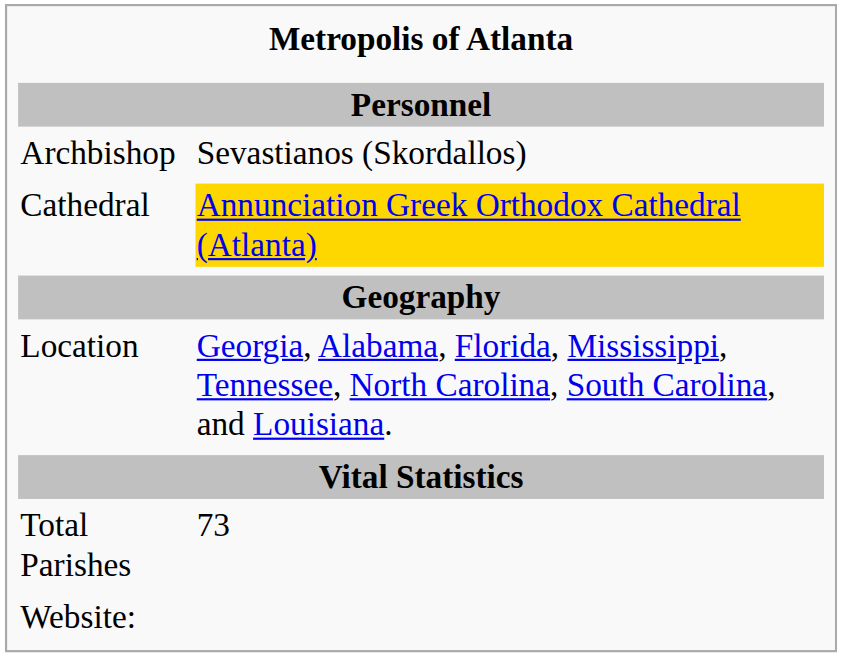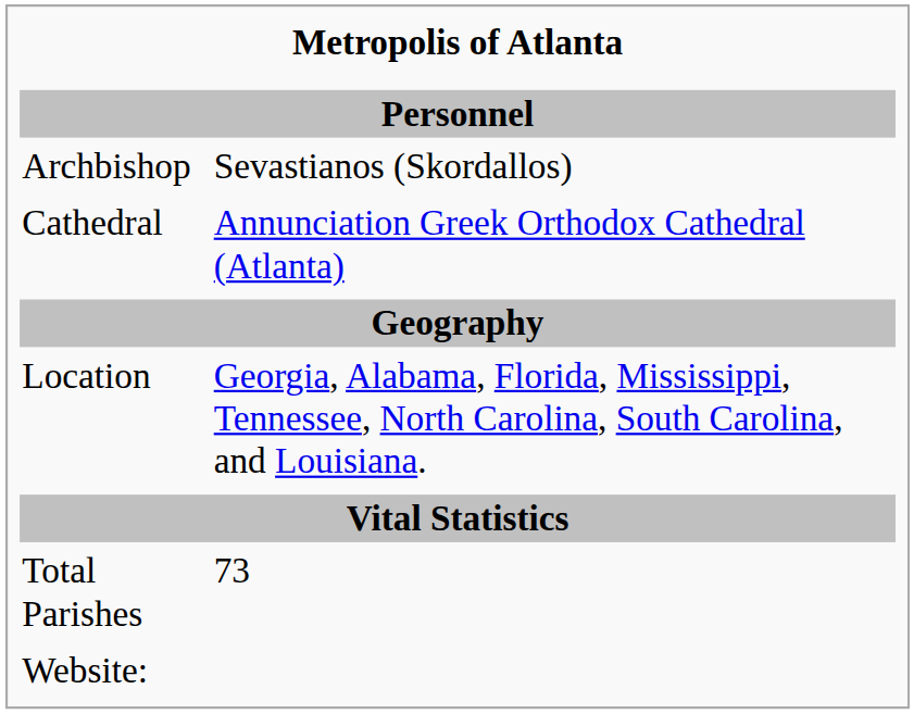 <table class ="infobox" style="width: 25em; text-align: left; font-size: 95%;">
 <tr align=center>
 <th colspan=2><strong>Metropolis of Atlanta</strong></th>
 </tr>
 <tr align=center>
 <th colspan=2></th>
 </tr>
 <tr>
 <th colspan=2></th>
 </tr>
 <tr ---- align=center bgcolor="c0c0c0">
 <th colspan=2><strong>Personnel</strong></th>
 </tr>
 <tr ---->
 <td>Archbishop</td>
 <td>Sevastianos (Skordallos)</td>
 </tr>
 <tr>
 </tr>
 <tr>
 <td>Cathedral</td>
-<td style="background: gold;"><a href='#'>Annunciation Greek Orthodox Cathedral (Atlanta)</a></td>
+<td><a href='#'>Annunciation Greek Orthodox Cathedral (Atlanta)</a></td>
 </tr>
 <tr>
 </tr>
 <tr ---- align=center bgcolor="c0c0c0">
 <th colspan=2><strong>Geography</strong></th>
 </tr>
 <tr>
 <td>Location</td>
 <td><a href='#'>Georgia</a>, <a href='#'>Alabama</a>, <a href='#'>Florida</a>, <a href='#'>Mississippi</a>, <a href='#'>Tennessee</a>, <a href='#'>North Carolina</a>, <a href='#'>South Carolina</a>, and <a href='#'>Louisiana</a>.</td>
 </tr>
 <tr>
 </tr>
 <tr ---- align=center bgcolor="c0c0c0">
 <th colspan=2><strong>Vital Statistics</strong></th>
 </tr>
 <tr>
 <td>Total Parishes</td>
 <td>73</td>
 </tr>
 <tr>
 </tr>
 <tr>
 <td>Website:</td>
 <td></td>
 </tr>
 </table>
